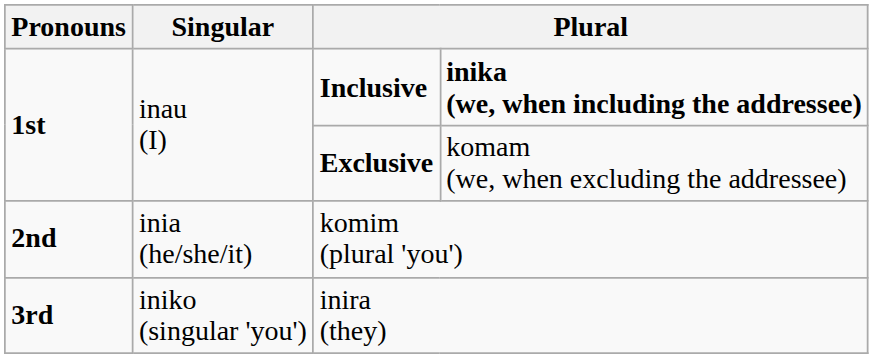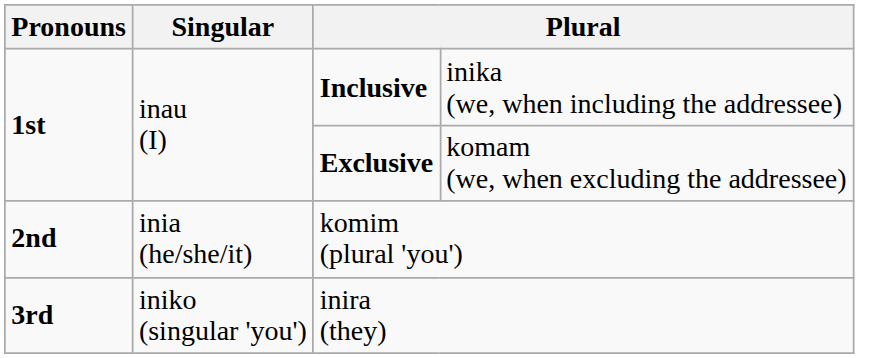 <table class="wikitable">
 <tr>
 <th>Pronouns</th>
 <th>Singular</th>
 <th colspan="2">Plural</th>
 </tr>
 <tr>
 <td rowspan="2"><strong>1st</strong></td>
 <td rowspan="2">inau<br>(I)</td>
 <td><strong>Inclusive</strong></td>
-<td><strong>inika<br>(we, when including the addressee)</strong></td>
+<td>inika<br>(we, when including the addressee)</td>
 </tr>
 <tr>
 <td><strong>Exclusive</strong></td>
 <td>komam<br>(we, when excluding the addressee)</td>
 </tr>
 <tr>
 <td><strong>2nd</strong></td>
 <td>inia<br>(he/she/it)</td>
 <td colspan="2">komim<br>(plural 'you')</td>
 </tr>
 <tr>
 <td><strong>3rd</strong></td>
 <td>iniko<br>(singular 'you')</td>
 <td colspan="2">inira<br>(they)</td>
 </tr>
 </table>
